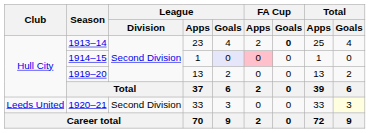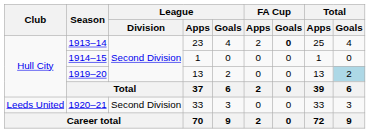 <table class="wikitable" style="text-align: center;">
 <tr>
 <th rowspan="2">Club</th>
 <th rowspan="2">Season</th>
 <th colspan="3">League</th>
 <th colspan="2">FA Cup</th>
 <th colspan="2">Total</th>
 </tr>
 <tr>
 <th>Division</th>
 <th>Apps</th>
 <th>Goals</th>
 <th>Apps</th>
 <th>Goals</th>
 <th>Apps</th>
 <th>Goals</th>
 </tr>
 <tr>
 <td rowspan="4"><a href='#'>Hull City</a></td>
 <td><a href='#'>1913–14</a></td>
 <td rowspan="3"><a href='#'>Second Division</a></td>
 <td>23</td>
 <td>4</td>
 <td>2</td>
 <td><strong>0</strong></td>
 <td>25</td>
 <td>4</td>
 </tr>
 <tr>
 <td><a href='#'>1914–15</a></td>
 <td>1</td>
-<td style="background: lavender;">0</td>
-<td style="background: pink;">0</td>
+<td>0</td>
+<td>0</td>
 <td>0</td>
 <td>1</td>
 <td>0</td>
 </tr>
 <tr>
 <td><a href='#'>1919–20</a></td>
 <td>13</td>
 <td>2</td>
 <td>0</td>
 <td>0</td>
 <td>13</td>
-<td>2</td>
+<td style="background: lightblue;">2</td>
 </tr>
 <tr>
 <th colspan="2">Total</th>
 <th>37</th>
 <th>6</th>
 <th>2</th>
 <th>0</th>
 <th>39</th>
 <th>6</th>
 </tr>
 <tr>
 <td><a href='#'>Leeds United</a></td>
 <td><a href='#'>1920–21</a></td>
 <td>Second Division</td>
 <td>33</td>
 <td>3</td>
 <td>0</td>
 <td>0</td>
 <td>33</td>
-<td style="background: lightyellow;">3</td>
+<td>3</td>
 </tr>
 <tr>
 <th colspan="3">Career total</th>
 <th>70</th>
 <th>9</th>
 <th>2</th>
 <th>0</th>
 <th>72</th>
 <th>9</th>
 </tr>
 </table>
